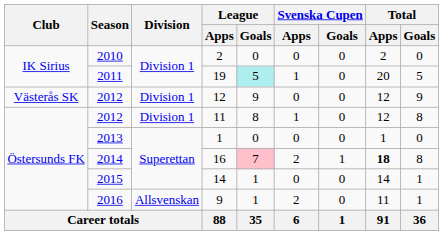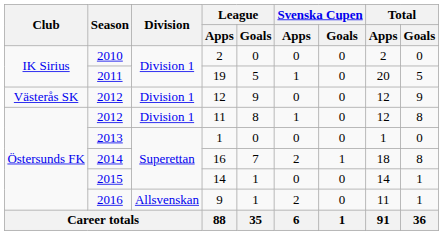 <table class="wikitable" style="text-align: center;">
 <tr>
 <th rowspan="2">Club</th>
 <th rowspan="2">Season</th>
 <th rowspan="2">Division</th>
 <th colspan="2">League</th>
 <th colspan="2"><a href='#'>Svenska Cupen</a></th>
 <th colspan="2">Total</th>
 </tr>
 <tr>
 <th>Apps</th>
 <th>Goals</th>
 <th>Apps</th>
 <th>Goals</th>
 <th>Apps</th>
 <th>Goals</th>
 </tr>
 <tr>
 <td rowspan="2" valign="center"><a href='#'>IK Sirius</a></td>
 <td><a href='#'>2010</a></td>
 <td rowspan="2"><a href='#'>Division 1</a></td>
 <td>2</td>
 <td>0</td>
 <td>0</td>
 <td>0</td>
 <td>2</td>
 <td>0</td>
 </tr>
 <tr>
 <td><a href='#'>2011</a></td>
 <td>19</td>
-<td style="background: paleturquoise;">5</td>
+<td>5</td>
 <td>1</td>
 <td>0</td>
 <td>20</td>
 <td>5</td>
 </tr>
 <tr>
 <td><a href='#'>Västerås SK</a></td>
 <td><a href='#'>2012</a></td>
 <td><a href='#'>Division 1</a></td>
 <td>12</td>
 <td>9</td>
 <td>0</td>
 <td>0</td>
 <td>12</td>
 <td>9</td>
 </tr>
 <tr>
 <td rowspan="5" valign="center"><a href='#'>Östersunds FK</a></td>
 <td><a href='#'>2012</a></td>
 <td><a href='#'>Division 1</a></td>
 <td>11</td>
 <td>8</td>
 <td>1</td>
 <td>0</td>
 <td>12</td>
 <td>8</td>
 </tr>
 <tr>
 <td><a href='#'>2013</a></td>
 <td rowspan="3" valign="center"><a href='#'>Superettan</a></td>
 <td>1</td>
 <td>0</td>
 <td>0</td>
 <td>0</td>
 <td>1</td>
 <td>0</td>
 </tr>
 <tr>
 <td><a href='#'>2014</a></td>
 <td>16</td>
-<td style="background: pink;">7</td>
+<td>7</td>
 <td>2</td>
 <td>1</td>
-<td><strong>18</strong></td>
+<td>18</td>
 <td>8</td>
 </tr>
 <tr>
 <td><a href='#'>2015</a></td>
 <td>14</td>
 <td>1</td>
 <td>0</td>
 <td>0</td>
 <td>14</td>
 <td>1</td>
 </tr>
 <tr>
 <td><a href='#'>2016</a></td>
 <td><a href='#'>Allsvenskan</a></td>
 <td>9</td>
 <td>1</td>
 <td>2</td>
 <td>0</td>
 <td>11</td>
 <td>1</td>
 </tr>
 <tr>
 <th colspan=3>Career totals</th>
 <th>88</th>
 <th>35</th>
 <th>6</th>
 <th>1</th>
 <th>91</th>
 <th>36</th>
 </tr>
 </table>
